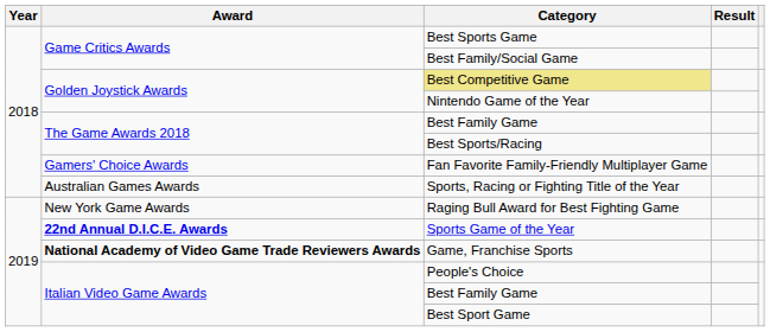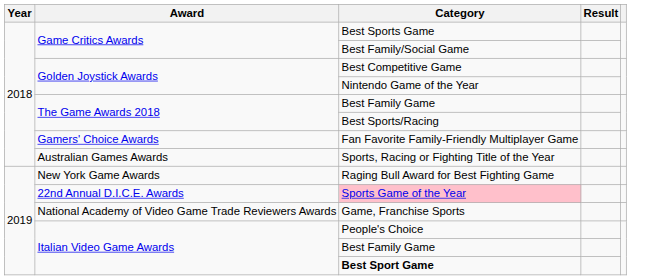 <table class="wikitable sortable">
 <tr>
 <th>Year</th>
 <th>Award</th>
 <th>Category</th>
 <th>Result</th>
 <th></th>
 </tr>
 <tr>
 <td style="text-align:center;" rowspan="8">2018</td>
 <td rowspan="2"><a href='#'>Game Critics Awards</a></td>
 <td>Best Sports Game</td>
 <td></td>
 <td rowspan="2" style="text-align:center;"></td>
 </tr>
 <tr>
 <td>Best Family/Social Game</td>
 <td></td>
 </tr>
 <tr>
 <td rowspan="2"><a href='#'>Golden Joystick Awards</a></td>
-<td style="background: khaki;">Best Competitive Game</td>
+<td>Best Competitive Game</td>
 <td></td>
 <td rowspan="2" style="text-align:center;"></td>
 </tr>
 <tr>
 <td>Nintendo Game of the Year</td>
 <td></td>
 </tr>
 <tr>
 <td rowspan="2"><a href='#'>The Game Awards 2018</a></td>
 <td>Best Family Game</td>
 <td></td>
 <td rowspan="2" style="text-align:center;"></td>
 </tr>
 <tr>
 <td>Best Sports/Racing</td>
 <td></td>
 </tr>
 <tr>
 <td><a href='#'>Gamers' Choice Awards</a></td>
 <td>Fan Favorite Family-Friendly Multiplayer Game</td>
 <td></td>
 <td style="text-align:center;"></td>
 </tr>
 <tr>
 <td>Australian Games Awards</td>
 <td>Sports, Racing or Fighting Title of the Year</td>
 <td></td>
 <td style="text-align:center;"></td>
 </tr>
 <tr>
 <td style="text-align:center;" rowspan="6">2019</td>
 <td>New York Game Awards</td>
 <td>Raging Bull Award for Best Fighting Game</td>
 <td></td>
 <td style="text-align:center;"></td>
 </tr>
 <tr>
-<td><strong><a href='#'>22nd Annual D.I.C.E. Awards</a></strong></td>
-<td><a href='#'>Sports Game of the Year</a></td>
+<td><a href='#'>22nd Annual D.I.C.E. Awards</a></td>
+<td style="background: pink;"><a href='#'>Sports Game of the Year</a></td>
 <td></td>
 <td style="text-align:center;"></td>
 </tr>
 <tr>
-<td><strong>National Academy of Video Game Trade Reviewers Awards</strong></td>
+<td>National Academy of Video Game Trade Reviewers Awards</td>
 <td>Game, Franchise Sports</td>
 <td></td>
 <td style="text-align:center;"></td>
 </tr>
 <tr>
 <td rowspan="3"><a href='#'>Italian Video Game Awards</a></td>
 <td>People's Choice</td>
 <td></td>
 <td rowspan="3" style="text-align:center;"></td>
 </tr>
 <tr>
 <td>Best Family Game</td>
 <td></td>
 </tr>
 <tr>
-<td>Best Sport Game</td>
+<td><strong>Best Sport Game</strong></td>
 <td></td>
 </tr>
 </table>
